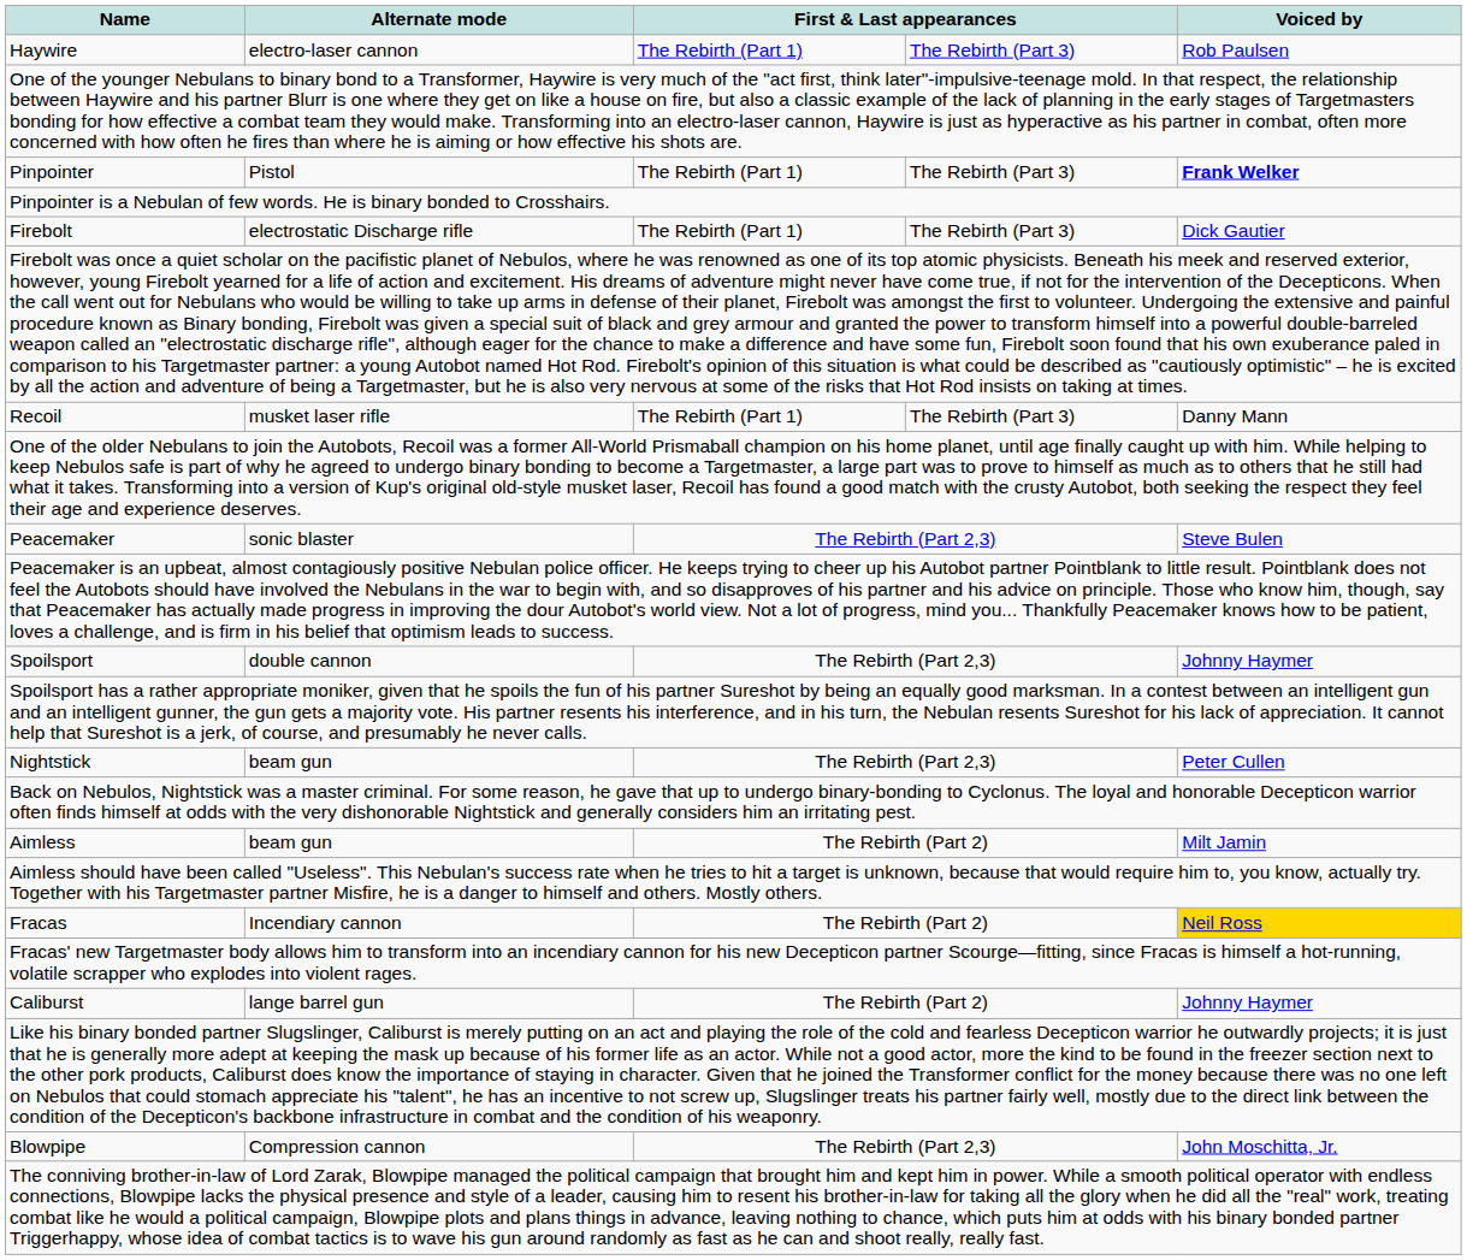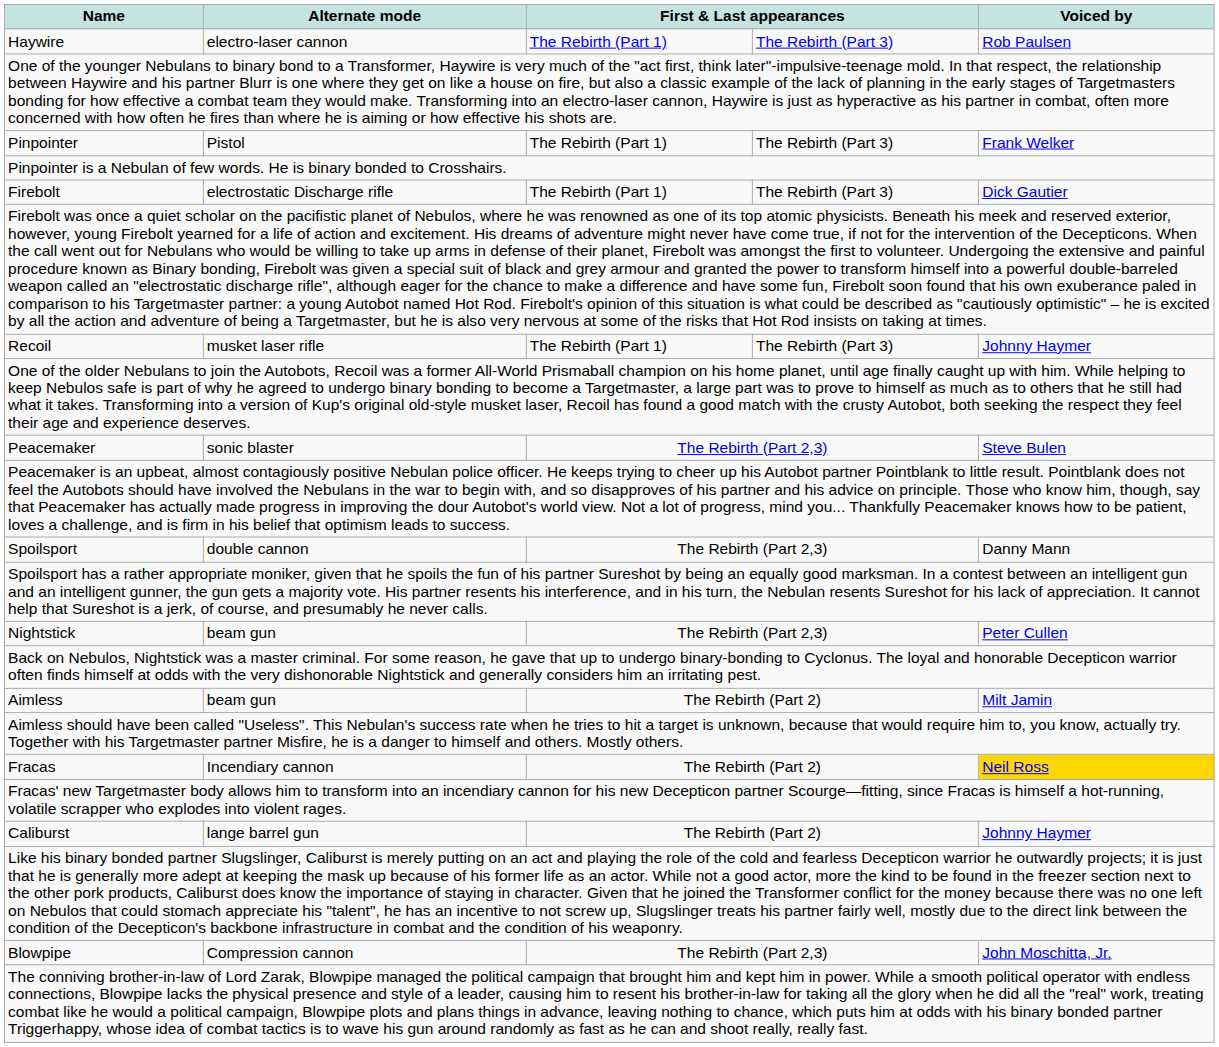 <table class="wikitable">
 <tr>
 <th style="background-color: #C5E4E1">Name</th>
 <th style="background-color: #C5E4E1">Alternate mode</th>
 <th colspan="2" align="center" style="background-color: #C5E4E1">First & Last appearances</th>
 <th style="background-color: #C5E4E1">Voiced by</th>
 </tr>
 <tr>
 <td>Haywire</td>
 <td>electro-laser cannon</td>
 <td><a href='#'>The Rebirth (Part 1)</a></td>
 <td><a href='#'>The Rebirth (Part 3)</a></td>
 <td><a href='#'>Rob Paulsen</a></td>
 </tr>
 <tr>
 <td colspan="5" valign="top">One of the younger Nebulans to binary bond to a Transformer, Haywire is very much of the "act first, think later"-impulsive-teenage mold. In that respect, the relationship between Haywire and his partner Blurr is one where they get on like a house on fire, but also a classic example of the lack of planning in the early stages of Targetmasters bonding for how effective a combat team they would make. Transforming into an electro-laser cannon, Haywire is just as hyperactive as his partner in combat, often more concerned with how often he fires than where he is aiming or how effective his shots are.</td>
 </tr>
 <tr>
 <td>Pinpointer</td>
 <td>Pistol</td>
 <td>The Rebirth (Part 1)</td>
 <td>The Rebirth (Part 3)</td>
-<td><strong><a href='#'>Frank Welker</a></strong></td>
+<td><a href='#'>Frank Welker</a></td>
 </tr>
 <tr>
 <td colspan="5" valign="top">Pinpointer is a Nebulan of few words. He is binary bonded to Crosshairs.</td>
 </tr>
 <tr>
 <td>Firebolt</td>
 <td>electrostatic Discharge rifle</td>
 <td>The Rebirth (Part 1)</td>
 <td>The Rebirth (Part 3)</td>
 <td><a href='#'>Dick Gautier</a></td>
 </tr>
 <tr>
 <td colspan="5" valign="top">Firebolt was once a quiet scholar on the pacifistic planet of Nebulos, where he was renowned as one of its top atomic physicists. Beneath his meek and reserved exterior, however, young Firebolt yearned for a life of action and excitement. His dreams of adventure might never have come true, if not for the intervention of the Decepticons. When the call went out for Nebulans who would be willing to take up arms in defense of their planet, Firebolt was amongst the first to volunteer. Undergoing the extensive and painful procedure known as Binary bonding, Firebolt was given a special suit of black and grey armour and granted the power to transform himself into a powerful double-barreled weapon called an "electrostatic discharge rifle", although eager for the chance to make a difference and have some fun, Firebolt soon found that his own exuberance paled in comparison to his Targetmaster partner: a young Autobot named Hot Rod. Firebolt's opinion of this situation is what could be described as "cautiously optimistic" – he is excited by all the action and adventure of being a Targetmaster, but he is also very nervous at some of the risks that Hot Rod insists on taking at times.</td>
 </tr>
 <tr>
 <td>Recoil</td>
 <td>musket laser rifle</td>
 <td>The Rebirth (Part 1)</td>
 <td>The Rebirth (Part 3)</td>
-<td>Danny Mann</td>
+<td><a href='#'>Johnny Haymer</a></td>
 </tr>
 <tr>
 <td colspan="5" valign="top">One of the older Nebulans to join the Autobots, Recoil was a former All-World Prismaball champion on his home planet, until age finally caught up with him. While helping to keep Nebulos safe is part of why he agreed to undergo binary bonding to become a Targetmaster, a large part was to prove to himself as much as to others that he still had what it takes. Transforming into a version of Kup's original old-style musket laser, Recoil has found a good match with the crusty Autobot, both seeking the respect they feel their age and experience deserves.</td>
 </tr>
 <tr>
 <td>Peacemaker</td>
 <td>sonic blaster</td>
 <td colspan="2" align="center"><a href='#'>The Rebirth (Part 2,3)</a></td>
 <td><a href='#'>Steve Bulen</a></td>
 </tr>
 <tr>
 <td colspan="5" valign="top">Peacemaker is an upbeat, almost contagiously positive Nebulan police officer. He keeps trying to cheer up his Autobot partner Pointblank to little result. Pointblank does not feel the Autobots should have involved the Nebulans in the war to begin with, and so disapproves of his partner and his advice on principle. Those who know him, though, say that Peacemaker has actually made progress in improving the dour Autobot's world view. Not a lot of progress, mind you... Thankfully Peacemaker knows how to be patient, loves a challenge, and is firm in his belief that optimism leads to success.</td>
 </tr>
 <tr>
 <td>Spoilsport</td>
 <td>double cannon</td>
 <td colspan="2" align="center">The Rebirth (Part 2,3)</td>
-<td><a href='#'>Johnny Haymer</a></td>
+<td>Danny Mann</td>
 </tr>
 <tr>
 <td colspan="5" valign="top">Spoilsport has a rather appropriate moniker, given that he spoils the fun of his partner Sureshot by being an equally good marksman. In a contest between an intelligent gun and an intelligent gunner, the gun gets a majority vote. His partner resents his interference, and in his turn, the Nebulan resents Sureshot for his lack of appreciation. It cannot help that Sureshot is a jerk, of course, and presumably he never calls.</td>
 </tr>
 <tr>
 <td>Nightstick</td>
 <td>beam gun</td>
 <td colspan="2" align="center">The Rebirth (Part 2,3)</td>
 <td><a href='#'>Peter Cullen</a></td>
 </tr>
 <tr>
 <td colspan="5" valign="top">Back on Nebulos, Nightstick was a master criminal. For some reason, he gave that up to undergo binary-bonding to Cyclonus. The loyal and honorable Decepticon warrior often finds himself at odds with the very dishonorable Nightstick and generally considers him an irritating pest.</td>
 </tr>
 <tr>
 <td>Aimless</td>
 <td>beam gun</td>
 <td colspan="2" align="center">The Rebirth (Part 2)</td>
 <td><a href='#'>Milt Jamin</a></td>
 </tr>
 <tr>
 <td colspan="5" valign="top">Aimless should have been called "Useless". This Nebulan's success rate when he tries to hit a target is unknown, because that would require him to, you know, actually try. Together with his Targetmaster partner Misfire, he is a danger to himself and others. Mostly others.</td>
 </tr>
 <tr>
 <td>Fracas</td>
 <td>Incendiary cannon</td>
 <td colspan="2" align="center">The Rebirth (Part 2)</td>
 <td style="background: gold;"><a href='#'>Neil Ross</a></td>
 </tr>
 <tr>
 <td colspan="5" valign="top">Fracas' new Targetmaster body allows him to transform into an incendiary cannon for his new Decepticon partner Scourge—fitting, since Fracas is himself a hot-running, volatile scrapper who explodes into violent rages.</td>
 </tr>
 <tr>
 <td>Caliburst</td>
 <td>lange barrel gun</td>
 <td colspan="2" align="center">The Rebirth (Part 2)</td>
 <td><a href='#'>Johnny Haymer</a></td>
 </tr>
 <tr>
 <td colspan="5" valign="top">Like his binary bonded partner Slugslinger, Caliburst is merely putting on an act and playing the role of the cold and fearless Decepticon warrior he outwardly projects; it is just that he is generally more adept at keeping the mask up because of his former life as an actor. While not a good actor, more the kind to be found in the freezer section next to the other pork products, Caliburst does know the importance of staying in character. Given that he joined the Transformer conflict for the money because there was no one left on Nebulos that could stomach appreciate his "talent", he has an incentive to not screw up, Slugslinger treats his partner fairly well, mostly due to the direct link between the condition of the Decepticon's backbone infrastructure in combat and the condition of his weaponry.</td>
 </tr>
 <tr>
 <td>Blowpipe</td>
 <td>Compression cannon</td>
 <td colspan="2" align="center">The Rebirth (Part 2,3)</td>
 <td><a href='#'>John Moschitta, Jr.</a></td>
 </tr>
 <tr>
 <td colspan="5" valign="top">The conniving brother-in-law of Lord Zarak, Blowpipe managed the political campaign that brought him and kept him in power. While a smooth political operator with endless connections, Blowpipe lacks the physical presence and style of a leader, causing him to resent his brother-in-law for taking all the glory when he did all the "real" work, treating combat like he would a political campaign, Blowpipe plots and plans things in advance, leaving nothing to chance, which puts him at odds with his binary bonded partner Triggerhappy, whose idea of combat tactics is to wave his gun around randomly as fast as he can and shoot really, really fast.</td>
 </tr>
 </table>
